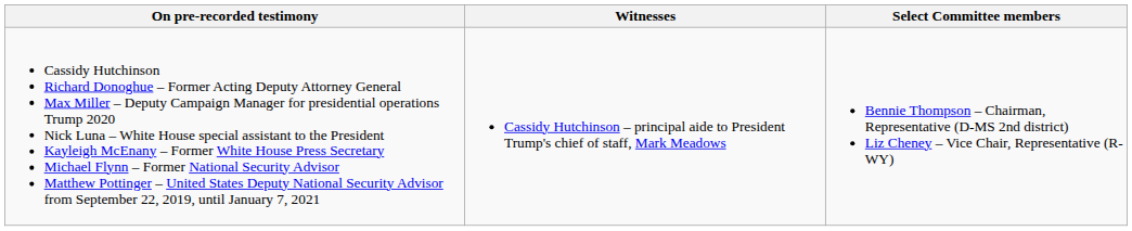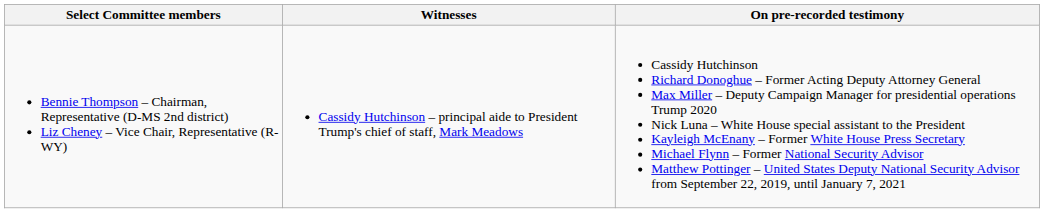 <table class="vertical-align-top wikitable mw-collapsible mw-collapsed">
 <tr>
+<th>Select Committee members</th>
+<th>Witnesses</th>
 <th>On pre-recorded testimony</th>
-<th>Witnesses</th>
-<th>Select Committee members</th>
 </tr>
 <tr>
+<td><br><ul><li><a href='#'>Bennie Thompson</a> – Chairman, Representative (D-MS 2nd district)</li><li><a href='#'>Liz Cheney</a> – Vice Chair, Representative (R-WY)</li></ul></td>
+<td><br><ul><li><a href='#'>Cassidy Hutchinson</a> – principal aide to President Trump's chief of staff, <a href='#'>Mark Meadows</a></li></ul></td>
 <td><br><ul><li>Cassidy Hutchinson</li><li><a href='#'>Richard Donoghue</a> – Former Acting Deputy Attorney General</li><li><a href='#'>Max Miller</a> – Deputy Campaign Manager for presidential operations Trump 2020</li><li>Nick Luna – White House special assistant to the President</li><li><a href='#'>Kayleigh McEnany</a> – Former <a href='#'>White House Press Secretary</a></li><li><a href='#'>Michael Flynn</a> – Former <a href='#'>National Security Advisor</a></li><li><a href='#'>Matthew Pottinger</a> – <a href='#'>United States Deputy National Security Advisor</a> from September 22, 2019, until January 7, 2021</li></ul></td>
-<td><br><ul><li><a href='#'>Cassidy Hutchinson</a> – principal aide to President Trump's chief of staff, <a href='#'>Mark Meadows</a></li></ul></td>
-<td><br><ul><li><a href='#'>Bennie Thompson</a> – Chairman, Representative (D-MS 2nd district)</li><li><a href='#'>Liz Cheney</a> – Vice Chair, Representative (R-WY)</li></ul></td>
 </tr>
 </table>
